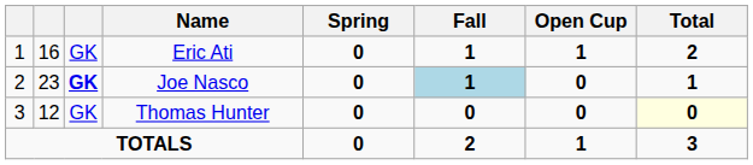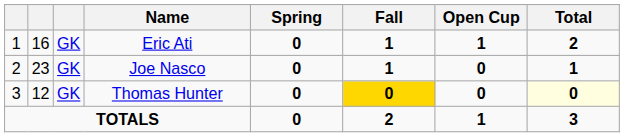 <table class="wikitable sortable" style="font-size: 95%; text-align: center;">
 <tr>
 <th width=15></th>
 <th width=15></th>
 <th width=15></th>
 <th width=150>Name</th>
 <th width=80>Spring</th>
 <th width=80>Fall</th>
 <th width=80>Open Cup</th>
 <th width=80>Total</th>
 </tr>
 <tr>
 <td rowspan=1>1</td>
 <td>16</td>
 <td><a href='#'>GK</a></td>
 <td><a href='#'>Eric Ati</a></td>
 <td><strong>0</strong></td>
 <td><strong>1</strong></td>
 <td><strong>1</strong></td>
 <td><strong>2</strong></td>
 </tr>
 <tr>
 <td rowspan=1>2</td>
 <td>23</td>
-<td><strong><a href='#'>GK</a></strong></td>
+<td><a href='#'>GK</a></td>
 <td><a href='#'>Joe Nasco</a></td>
 <td><strong>0</strong></td>
-<td style="background: lightblue;"><strong>1</strong></td>
+<td><strong>1</strong></td>
 <td><strong>0</strong></td>
 <td><strong>1</strong></td>
 </tr>
 <tr>
 <td rowspan=1>3</td>
 <td>12</td>
 <td><a href='#'>GK</a></td>
 <td><a href='#'>Thomas Hunter</a></td>
 <td><strong>0</strong></td>
-<td><strong>0</strong></td>
+<td style="background: gold;"><strong>0</strong></td>
 <td><strong>0</strong></td>
 <td style="background: lightyellow;"><strong>0</strong></td>
 </tr>
 <tr>
 <td colspan="4"><strong>TOTALS</strong></td>
 <td><strong>0</strong></td>
 <td><strong>2</strong></td>
 <td><strong>1</strong></td>
 <td><strong>3</strong></td>
 </tr>
 </table>
